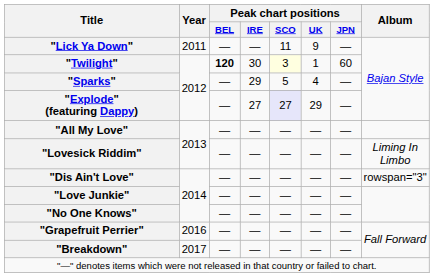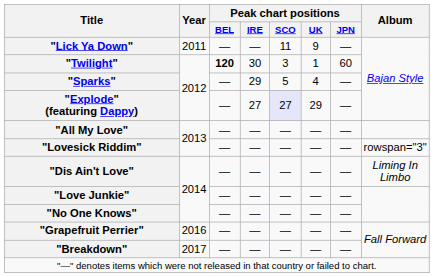 <table class="wikitable plainrowheaders" style="text-align:center;">
 <tr>
 <th scope="col" rowspan="2" style="width:18em;">Title</th>
 <th scope="col" rowspan="2" style="width:1em;">Year</th>
 <th scope="col" colspan="5">Peak chart positions</th>
 <th scope="col" rowspan="2">Album</th>
 </tr>
 <tr>
 <th scope="col" style="width:3em;font-size:85%;"><a href='#'>BEL</a><br></th>
 <th scope="col" style="width:3em;font-size:85%;"><a href='#'>IRE</a><br></th>
 <th scope="col" style="width:3em;font-size:85%;"><a href='#'>SCO</a><br></th>
 <th scope="col" style="width:3em;font-size:85%;"><a href='#'>UK</a><br></th>
 <th scope="col" style="width:3em;font-size:85%;"><a href='#'>JPN</a><br></th>
 </tr>
 <tr>
 <th scope="row">"<a href='#'>Lick Ya Down</a>"</th>
 <td>2011</td>
 <td>—</td>
 <td>—</td>
 <td>11</td>
 <td>9</td>
 <td>—</td>
 <td rowspan="4"><em><a href='#'>Bajan Style</a></em></td>
 </tr>
 <tr>
 <th scope="row">"<a href='#'>Twilight</a>"</th>
 <td rowspan="3">2012</td>
 <td><strong>120</strong></td>
 <td>30</td>
-<td style="background: lightyellow;">3</td>
+<td>3</td>
 <td>1</td>
 <td>60</td>
 </tr>
 <tr>
 <th scope="row">"<a href='#'>Sparks</a>"</th>
 <td>—</td>
 <td>29</td>
 <td>5</td>
 <td>4</td>
 <td>—</td>
 </tr>
 <tr>
 <th scope="row">"<a href='#'>Explode</a>" <br><span>(featuring <a href='#'>Dappy</a>)</span></th>
 <td>—</td>
 <td>27</td>
 <td style="background: lavender;">27</td>
 <td>29</td>
 <td>—</td>
 </tr>
 <tr>
 <th scope="row">"All My Love"</th>
 <td rowspan="2">2013</td>
 <td>—</td>
 <td>—</td>
 <td>—</td>
 <td>—</td>
 <td>—</td>
 <td></td>
 </tr>
 <tr>
 <th scope="row">"Lovesick Riddim"</th>
 <td>—</td>
 <td>—</td>
 <td>—</td>
 <td>—</td>
 <td>—</td>
-<td><em>Liming In Limbo</em></td>
+<td>rowspan="3" </td>
 </tr>
 <tr>
 <th scope="row">"Dis Ain't Love"</th>
 <td rowspan="3">2014</td>
 <td>—</td>
 <td>—</td>
 <td>—</td>
 <td>—</td>
 <td>—</td>
-<td>rowspan="3" </td>
+<td><em>Liming In Limbo</em></td>
 </tr>
 <tr>
 <th scope="row">"Love Junkie"</th>
 <td>—</td>
 <td>—</td>
 <td>—</td>
 <td>—</td>
 <td>—</td>
 </tr>
 <tr>
 <th scope="row">"No One Knows"</th>
 <td>—</td>
 <td>—</td>
 <td>—</td>
 <td>—</td>
 <td>—</td>
 </tr>
 <tr>
 <th scope="row">"Grapefruit Perrier"</th>
 <td>2016</td>
 <td>—</td>
 <td>—</td>
 <td>—</td>
 <td>—</td>
 <td>—</td>
 <td rowspan="2"><em>Fall Forward</em></td>
 </tr>
 <tr>
 <th scope="row">"Breakdown"</th>
 <td>2017</td>
 <td>—</td>
 <td>—</td>
 <td>—</td>
 <td>—</td>
 <td>—</td>
 </tr>
 <tr>
 <td colspan="10" style="font-size:85%;">"—" denotes items which were not released in that country or failed to chart.</td>
 </tr>
 </table>
